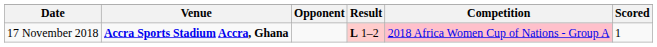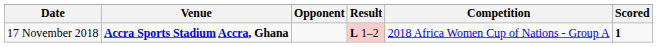 <table class=wikitable>
 <tr>
 </tr>
 <tr>
 <th>Date</th>
 <th>Venue</th>
 <th>Opponent</th>
 <th>Result</th>
 <th>Competition</th>
 <th>Scored</th>
 </tr>
 <tr>
 <td>17 November 2018</td>
 <td><strong><a href='#'>Accra Sports Stadium</a> <a href='#'>Accra</a>, Ghana</strong></td>
 <td></td>
 <td bgcolor=ffcccc><strong>L</strong>  1–2</td>
-<td style="background: pink;"><a href='#'>2018 Africa Women Cup of Nations - Group A</a></td>
-<td>1</td>
+<td><a href='#'>2018 Africa Women Cup of Nations - Group A</a></td>
+<td><strong>1</strong></td>
 </tr>
 </table>
